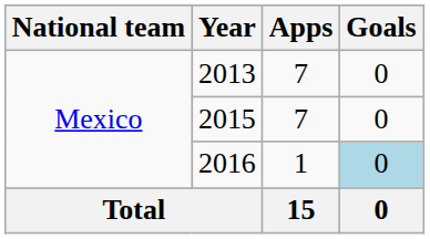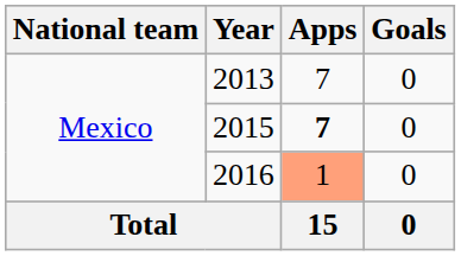 <table class="wikitable" style="text-align: center;">
 <tr>
 <th>National team</th>
 <th>Year</th>
 <th>Apps</th>
 <th>Goals</th>
 </tr>
 <tr>
 <td rowspan="3" valign="center"><a href='#'>Mexico</a></td>
 <td>2013</td>
 <td>7</td>
 <td>0</td>
 </tr>
 <tr>
 <td>2015</td>
-<td>7</td>
+<td><strong>7</strong></td>
 <td>0</td>
 </tr>
 <tr>
 <td>2016</td>
-<td>1</td>
-<td style="background: lightblue;">0</td>
+<td style="background: lightsalmon;">1</td>
+<td>0</td>
 </tr>
 <tr>
 <th colspan="2">Total</th>
 <th>15</th>
 <th>0</th>
 </tr>
 </table>
